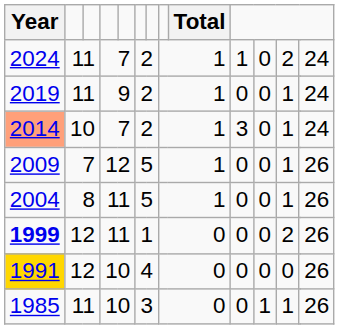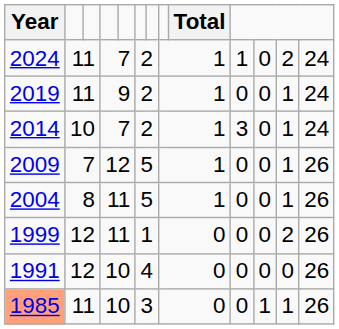 <table class="wikitable" style="text-align:right; padding-left:1em">
 <tr>
 <th align="left">Year</th>
 <td></td>
 <td></td>
 <td></td>
 <td></td>
 <td></td>
 <td></td>
 <td></td>
 <th align="left">Total</th>
 </tr>
 <tr>
 <td align=left><a href='#'>2024</a></td>
 <td colspan=2>11</td>
 <td colspan=2>7</td>
 <td colspan=2>2</td>
 <td colspan=2>1</td>
 <td colspan=2>1</td>
 <td colspan=2>0</td>
 <td colspan=2>2</td>
 <td>24</td>
 </tr>
 <tr>
 <td align=left><a href='#'>2019</a></td>
 <td colspan=2>11</td>
 <td colspan=2>9</td>
 <td colspan=2>2</td>
 <td colspan=2>1</td>
 <td colspan=2>0</td>
 <td colspan=2>0</td>
 <td colspan=2>1</td>
 <td>24</td>
 </tr>
 <tr>
-<td align=left style="background: lightsalmon;"><a href='#'>2014</a></td>
+<td align=left><a href='#'>2014</a></td>
 <td colspan=2>10</td>
 <td colspan=2>7</td>
 <td colspan=2>2</td>
 <td colspan=2>1</td>
 <td colspan=2>3</td>
 <td colspan=2>0</td>
 <td colspan=2>1</td>
 <td>24</td>
 </tr>
 <tr>
 <td align=left><a href='#'>2009</a></td>
 <td colspan=2>7</td>
 <td colspan=2>12</td>
 <td colspan=2>5</td>
 <td colspan=2>1</td>
 <td colspan=2>0</td>
 <td colspan=2>0</td>
 <td colspan=2>1</td>
 <td>26</td>
 </tr>
 <tr>
 <td align=left><a href='#'>2004</a></td>
 <td colspan=2>8</td>
 <td colspan=2>11</td>
 <td colspan=2>5</td>
 <td colspan=2>1</td>
 <td colspan=2>0</td>
 <td colspan=2>0</td>
 <td colspan=2>1</td>
 <td>26</td>
 </tr>
 <tr>
-<td align=left><strong><a href='#'>1999</a></strong></td>
+<td align=left><a href='#'>1999</a></td>
 <td colspan=2>12</td>
 <td colspan=2>11</td>
 <td colspan=2>1</td>
 <td colspan=2>0</td>
 <td colspan=2>0</td>
 <td colspan=2>0</td>
 <td colspan=2>2</td>
 <td>26</td>
 </tr>
 <tr>
-<td align=left style="background: gold;"><a href='#'>1991</a></td>
+<td align=left><a href='#'>1991</a></td>
 <td colspan=2>12</td>
 <td colspan=2>10</td>
 <td colspan=2>4</td>
 <td colspan=2>0</td>
 <td colspan=2>0</td>
 <td colspan=2>0</td>
 <td colspan=2>0</td>
 <td>26</td>
 </tr>
 <tr>
-<td align=left><a href='#'>1985</a></td>
+<td align=left style="background: lightsalmon;"><a href='#'>1985</a></td>
 <td colspan=2>11</td>
 <td colspan=2>10</td>
 <td colspan=2>3</td>
 <td colspan=2>0</td>
 <td colspan=2>0</td>
 <td colspan=2>1</td>
 <td colspan=2>1</td>
 <td>26</td>
 </tr>
 </table>
